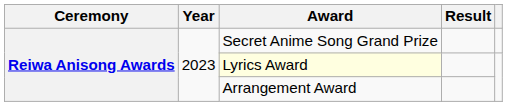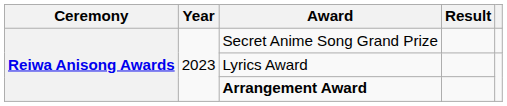 <table class="wikitable plainrowheaders">
 <tr>
 <th scope="col">Ceremony</th>
 <th scope="col">Year</th>
 <th scope="col">Award</th>
 <th scope="col">Result</th>
 <th scope="col" class="unsortable"></th>
 </tr>
 <tr>
 <th scope="row" rowspan="3" style="text-align:center"><a href='#'>Reiwa Anisong Awards</a></th>
 <td rowspan="3" align="center">2023</td>
 <td>Secret Anime Song Grand Prize</td>
 <td></td>
 <td style="text-align:center;"></td>
 </tr>
 <tr>
-<td style="background: lightyellow;">Lyrics Award</td>
+<td>Lyrics Award</td>
 <td></td>
 <td rowspan="2" style="text-align:center;"></td>
 </tr>
 <tr>
-<td>Arrangement Award</td>
+<td><strong>Arrangement Award</strong></td>
 <td></td>
 </tr>
 </table>
